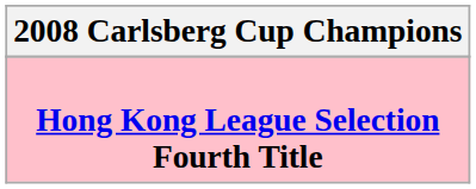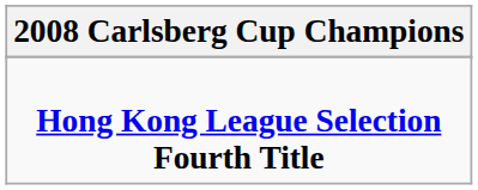 <table class="wikitable" style="text-align: center; margin: 0 auto;">
 <tr>
 <th>2008 Carlsberg Cup Champions</th>
 </tr>
 <tr>
 </tr>
 <tr>
-<td style="background: pink;"><br><strong><a href='#'>Hong Kong League Selection</a></strong><br><strong>Fourth Title</strong></td>
+<td><br><strong><a href='#'>Hong Kong League Selection</a></strong><br><strong>Fourth Title</strong></td>
 </tr>
 </table>
